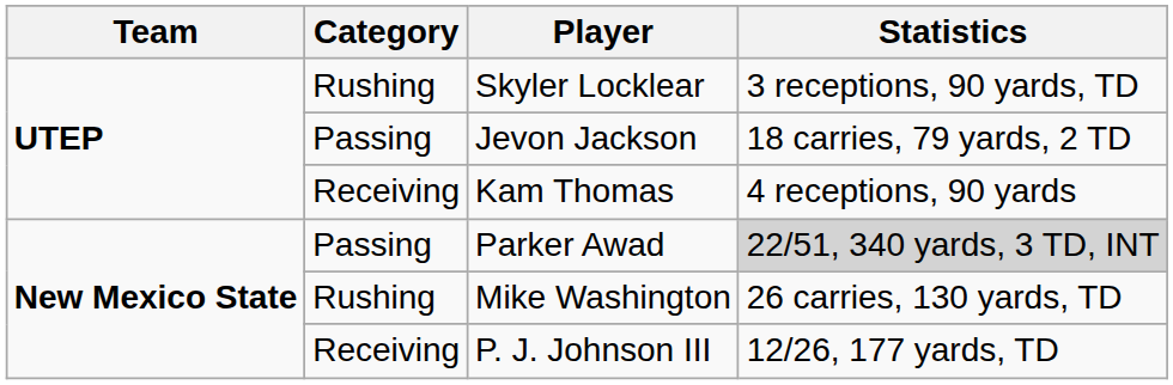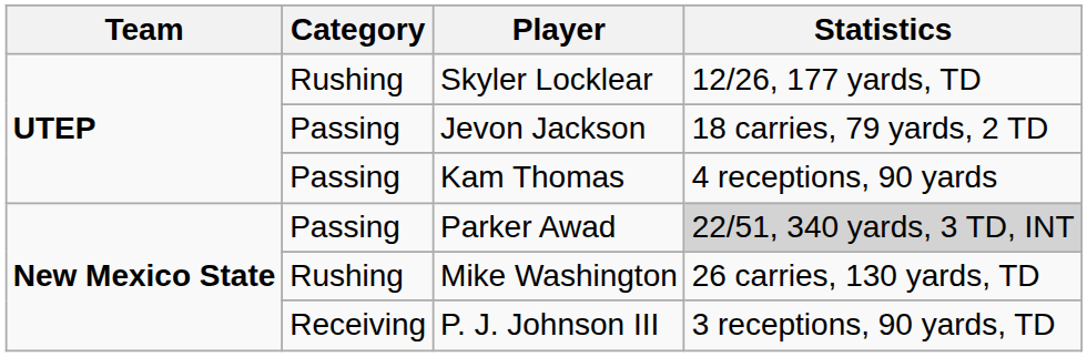 <table class="wikitable" style="float: right;">
 <tr>
 <th>Team</th>
 <th>Category</th>
 <th>Player</th>
 <th>Statistics</th>
 </tr>
 <tr>
 <td rowspan=3><strong>UTEP</strong></td>
 <td>Rushing</td>
 <td>Skyler Locklear</td>
-<td>3 receptions, 90 yards, TD</td>
+<td>12/26, 177 yards, TD</td>
 </tr>
 <tr>
 <td>Passing</td>
 <td>Jevon Jackson</td>
 <td>18 carries, 79 yards, 2 TD</td>
 </tr>
 <tr>
-<td>Receiving</td>
+<td>Passing</td>
 <td>Kam Thomas</td>
 <td>4 receptions, 90 yards</td>
 </tr>
 <tr>
 <td rowspan=3><strong>New Mexico State</strong></td>
 <td>Passing</td>
 <td>Parker Awad</td>
 <td style="background: lightgrey;">22/51, 340 yards, 3 TD, INT</td>
 </tr>
 <tr>
 <td>Rushing</td>
 <td>Mike Washington</td>
 <td>26 carries, 130 yards, TD</td>
 </tr>
 <tr>
 <td>Receiving</td>
 <td>P. J. Johnson III</td>
-<td>12/26, 177 yards, TD</td>
+<td>3 receptions, 90 yards, TD</td>
 </tr>
 </table>
